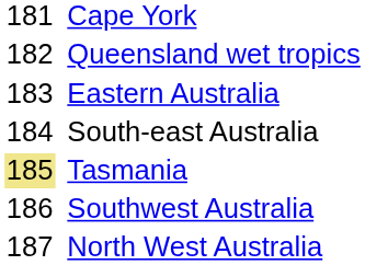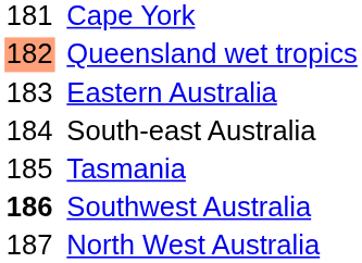 <table>
 <tr>
 <td>181</td>
 <td></td>
 <td><a href='#'>Cape York</a></td>
 </tr>
 <tr>
-<td>182</td>
+<td style="background: lightsalmon;">182</td>
 <td></td>
 <td><a href='#'>Queensland wet tropics</a></td>
 </tr>
 <tr>
 <td>183</td>
 <td></td>
 <td><a href='#'>Eastern Australia</a></td>
 </tr>
 <tr>
 <td>184</td>
 <td></td>
 <td>South-east Australia</td>
 </tr>
 <tr>
-<td style="background: khaki;">185</td>
+<td>185</td>
 <td></td>
 <td><a href='#'>Tasmania</a></td>
 </tr>
 <tr>
-<td>186</td>
+<td><strong>186</strong></td>
 <td></td>
 <td><a href='#'>Southwest Australia</a></td>
 </tr>
 <tr>
 <td>187</td>
 <td></td>
 <td><a href='#'>North West Australia</a></td>
 </tr>
 <tr>
 </tr>
 </table>
